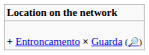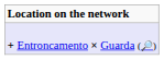 <table role="presentation" class="wikitable mw-collapsible mw-collapsed floatright">
 <tr>
 <td><strong>Location on the network</strong></td>
 </tr>
 <tr>
-<td><br><span><strong>+</strong> <a href='#'>Entroncamento</a></span> <span><strong>×</strong> <a href='#'>Guarda</a></span> <small>(<a href='#'>🔎</a>)</small></td>
+<td style="background: lavender;"><br><span><strong>+</strong> <a href='#'>Entroncamento</a></span> <span><strong>×</strong> <a href='#'>Guarda</a></span> <small>(<a href='#'>🔎</a>)</small></td>
 </tr>
 </table>
